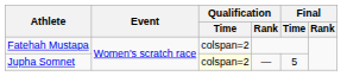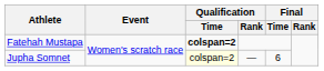 <table class="wikitable" style="font-size:90%;">
 <tr>
 <th rowspan=2>Athlete</th>
 <th rowspan=2>Event</th>
 <th colspan=2>Qualification</th>
 <th colspan=2>Final</th>
 </tr>
 <tr style="font-size:95%">
 <th>Time</th>
 <th>Rank</th>
 <th>Time</th>
 <th>Rank</th>
 </tr>
 <tr align=center>
 <td align=left><a href='#'>Fatehah Mustapa</a></td>
 <td align=left rowspan=2><a href='#'>Women's scratch race</a></td>
-<td>colspan=2 </td>
+<td><strong>colspan=2 </strong></td>
 <td colspan="2"></td>
 </tr>
 <tr align=center>
 <td align=left><a href='#'>Jupha Somnet</a></td>
 <td style="background: lightyellow;">colspan=2 </td>
 <td>—</td>
-<td>5</td>
+<td>6</td>
 </tr>
 </table>
